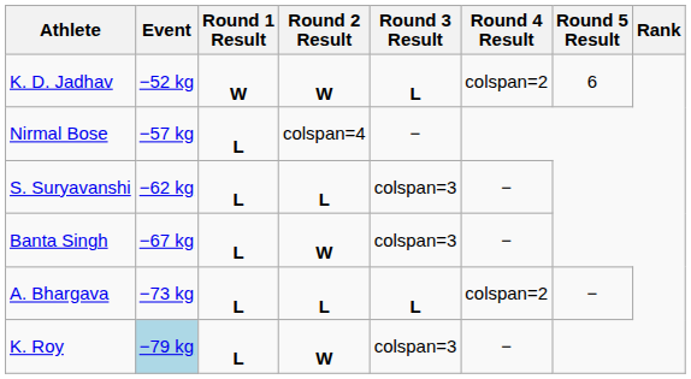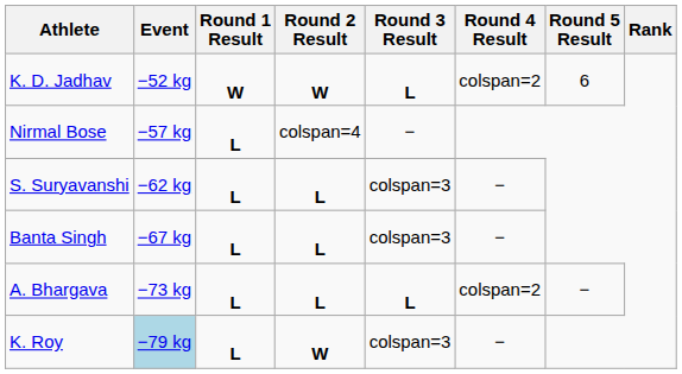 <table class="wikitable" style="font-size:90%">
 <tr>
 <th>Athlete</th>
 <th>Event</th>
 <th>Round 1<br>Result</th>
 <th>Round 2<br>Result</th>
 <th>Round 3<br>Result</th>
 <th>Round 4<br>Result</th>
 <th>Round 5<br>Result</th>
 <th>Rank</th>
 </tr>
 <tr align=center>
 <td align=left><a href='#'>K. D. Jadhav</a></td>
 <td align=left><a href='#'>−52 kg</a></td>
 <td><br><strong>W</strong> <sup></sup></td>
 <td><br><strong>W</strong> <sup></sup></td>
 <td><br><strong>L</strong> <sup></sup></td>
 <td>colspan=2 </td>
 <td>6</td>
 </tr>
 <tr align=center>
 <td align=left><a href='#'>Nirmal Bose</a></td>
 <td align=left><a href='#'>−57 kg</a></td>
 <td><br><strong>L</strong> <sup></sup></td>
 <td>colspan=4 </td>
 <td>−</td>
 </tr>
 <tr align=center>
 <td align=left><a href='#'>S. Suryavanshi</a></td>
 <td align=left><a href='#'>−62 kg</a></td>
 <td><br><strong>L</strong> <sup></sup></td>
 <td><br><strong>L</strong> <sup></sup></td>
 <td>colspan=3 </td>
 <td>−</td>
 </tr>
 <tr align=center>
 <td align=left><a href='#'>Banta Singh</a></td>
 <td align=left><a href='#'>−67 kg</a></td>
 <td><br><strong>L</strong> <sup></sup></td>
-<td><br><strong>W</strong> <sup></sup></td>
+<td><br><strong>L</strong> <sup></sup></td>
 <td>colspan=3 </td>
 <td>−</td>
 </tr>
 <tr align=center>
 <td align=left><a href='#'>A. Bhargava</a></td>
 <td align=left><a href='#'>−73 kg</a></td>
 <td><br><strong>L</strong> <sup></sup></td>
 <td><br><strong>L</strong> <sup></sup></td>
 <td><br><strong>L</strong> <sup></sup></td>
 <td>colspan=2 </td>
 <td>−</td>
 </tr>
 <tr align=center>
 <td align=left><a href='#'>K. Roy</a></td>
 <td align=left style="background: lightblue;"><a href='#'>−79 kg</a></td>
 <td><br><strong>L</strong> <sup></sup></td>
 <td><br><strong>W</strong> <sup></sup></td>
 <td>colspan=3 </td>
 <td>−</td>
 </tr>
 </table>
